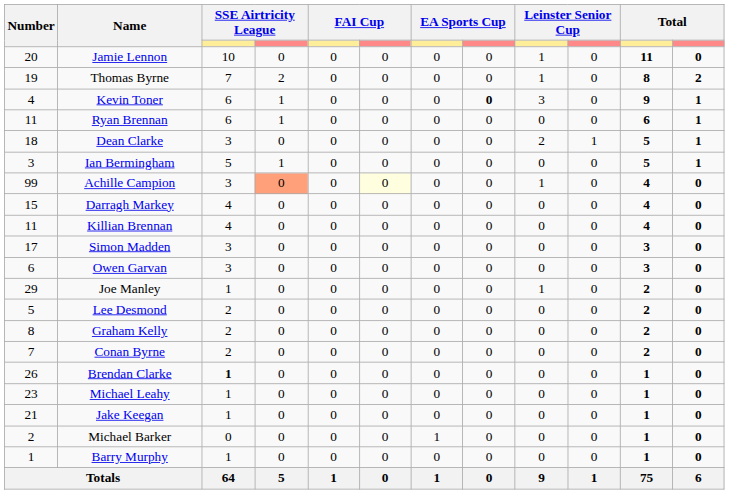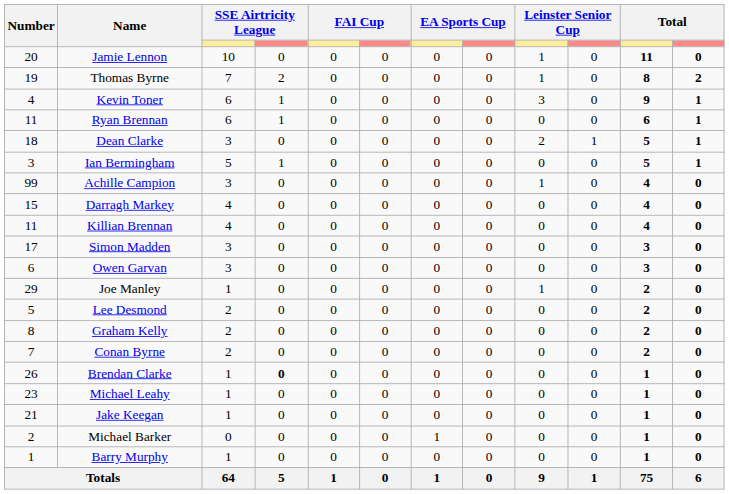 <table class="wikitable" style="text-align:center">
 <tr>
 <th rowspan="2" style="width:5%">Number</th>
 <th rowspan="2" style="width:20%">Name</th>
 <th colspan="2"><a href='#'>SSE Airtricity League</a></th>
 <th colspan="2"><a href='#'>FAI Cup</a></th>
 <th colspan="2"><a href='#'>EA Sports Cup</a></th>
 <th colspan="2"><a href='#'>Leinster Senior Cup</a></th>
 <th colspan="2">Total</th>
 </tr>
 <tr>
 <th style="width:60px;background:#fe9"></th>
 <th style="width:60px;background:#f88"></th>
 <th style="width:60px;background:#fe9"></th>
 <th style="width:60px;background:#f88"></th>
 <th style="width:60px;background:#fe9"></th>
 <th style="width:60px;background:#f88"></th>
 <th style="width:60px;background:#fe9"></th>
 <th style="width:60px;background:#f88"></th>
 <th style="width:60px;background:#fe9"></th>
 <th style="width:60px;background:#f88"></th>
 </tr>
 <tr>
 <td>20</td>
 <td><a href='#'>Jamie Lennon</a></td>
 <td>10</td>
 <td>0</td>
 <td>0</td>
 <td>0</td>
 <td>0</td>
 <td>0</td>
 <td>1</td>
 <td>0</td>
 <td><strong>11</strong></td>
 <td><strong>0</strong></td>
 </tr>
 <tr>
 <td>19</td>
 <td>Thomas Byrne</td>
 <td>7</td>
 <td>2</td>
 <td>0</td>
 <td>0</td>
 <td>0</td>
 <td>0</td>
 <td>1</td>
 <td>0</td>
 <td><strong>8</strong></td>
 <td><strong>2</strong></td>
 </tr>
 <tr>
 <td>4</td>
 <td><a href='#'>Kevin Toner</a></td>
 <td>6</td>
 <td>1</td>
 <td>0</td>
 <td>0</td>
 <td>0</td>
-<td><strong>0</strong></td>
+<td>0</td>
 <td>3</td>
 <td>0</td>
 <td><strong>9</strong></td>
 <td><strong>1</strong></td>
 </tr>
 <tr>
 <td>11</td>
 <td><a href='#'>Ryan Brennan</a></td>
 <td>6</td>
 <td>1</td>
 <td>0</td>
 <td>0</td>
 <td>0</td>
 <td>0</td>
 <td>0</td>
 <td>0</td>
 <td><strong>6</strong></td>
 <td><strong>1</strong></td>
 </tr>
 <tr>
 <td>18</td>
 <td><a href='#'>Dean Clarke</a></td>
 <td>3</td>
 <td>0</td>
 <td>0</td>
 <td>0</td>
 <td>0</td>
 <td>0</td>
 <td>2</td>
 <td>1</td>
 <td><strong>5</strong></td>
 <td><strong>1</strong></td>
 </tr>
 <tr>
 <td>3</td>
 <td><a href='#'>Ian Bermingham</a></td>
 <td>5</td>
 <td>1</td>
 <td>0</td>
 <td>0</td>
 <td>0</td>
 <td>0</td>
 <td>0</td>
 <td>0</td>
 <td><strong>5</strong></td>
 <td><strong>1</strong></td>
 </tr>
 <tr>
 <td>99</td>
 <td><a href='#'>Achille Campion</a></td>
 <td>3</td>
-<td style="background: lightsalmon;">0</td>
 <td>0</td>
-<td style="background: lightyellow;">0</td>
+<td>0</td>
+<td>0</td>
 <td>0</td>
 <td>0</td>
 <td>1</td>
 <td>0</td>
 <td><strong>4</strong></td>
 <td><strong>0</strong></td>
 </tr>
 <tr>
 <td>15</td>
 <td><a href='#'>Darragh Markey</a></td>
 <td>4</td>
 <td>0</td>
 <td>0</td>
 <td>0</td>
 <td>0</td>
 <td>0</td>
 <td>0</td>
 <td>0</td>
 <td><strong>4</strong></td>
 <td><strong>0</strong></td>
 </tr>
 <tr>
 <td>11</td>
 <td><a href='#'>Killian Brennan</a></td>
 <td>4</td>
 <td>0</td>
 <td>0</td>
 <td>0</td>
 <td>0</td>
 <td>0</td>
 <td>0</td>
 <td>0</td>
 <td><strong>4</strong></td>
 <td><strong>0</strong></td>
 </tr>
 <tr>
 <td>17</td>
 <td><a href='#'>Simon Madden</a></td>
 <td>3</td>
 <td>0</td>
 <td>0</td>
 <td>0</td>
 <td>0</td>
 <td>0</td>
 <td>0</td>
 <td>0</td>
 <td><strong>3</strong></td>
 <td><strong>0</strong></td>
 </tr>
 <tr>
 <td>6</td>
 <td><a href='#'>Owen Garvan</a></td>
 <td>3</td>
 <td>0</td>
 <td>0</td>
 <td>0</td>
 <td>0</td>
 <td>0</td>
 <td>0</td>
 <td>0</td>
 <td><strong>3</strong></td>
 <td><strong>0</strong></td>
 </tr>
 <tr>
 <td>29</td>
 <td>Joe Manley</td>
 <td>1</td>
 <td>0</td>
 <td>0</td>
 <td>0</td>
 <td>0</td>
 <td>0</td>
 <td>1</td>
 <td>0</td>
 <td><strong>2</strong></td>
 <td><strong>0</strong></td>
 </tr>
 <tr>
 <td>5</td>
 <td><a href='#'>Lee Desmond</a></td>
 <td>2</td>
 <td>0</td>
 <td>0</td>
 <td>0</td>
 <td>0</td>
 <td>0</td>
 <td>0</td>
 <td>0</td>
 <td><strong>2</strong></td>
 <td><strong>0</strong></td>
 </tr>
 <tr>
 <td>8</td>
 <td><a href='#'>Graham Kelly</a></td>
 <td>2</td>
 <td>0</td>
 <td>0</td>
 <td>0</td>
 <td>0</td>
 <td>0</td>
 <td>0</td>
 <td>0</td>
 <td><strong>2</strong></td>
 <td><strong>0</strong></td>
 </tr>
 <tr>
 <td>7</td>
 <td><a href='#'>Conan Byrne</a></td>
 <td>2</td>
 <td>0</td>
 <td>0</td>
 <td>0</td>
 <td>0</td>
 <td>0</td>
 <td>0</td>
 <td>0</td>
 <td><strong>2</strong></td>
 <td><strong>0</strong></td>
 </tr>
 <tr>
 <td>26</td>
 <td><a href='#'>Brendan Clarke</a></td>
-<td><strong>1</strong></td>
-<td>0</td>
+<td>1</td>
+<td><strong>0</strong></td>
 <td>0</td>
 <td>0</td>
 <td>0</td>
 <td>0</td>
 <td>0</td>
 <td>0</td>
 <td><strong>1</strong></td>
 <td><strong>0</strong></td>
 </tr>
 <tr>
 <td>23</td>
 <td><a href='#'>Michael Leahy</a></td>
 <td>1</td>
 <td>0</td>
 <td>0</td>
 <td>0</td>
 <td>0</td>
 <td>0</td>
 <td>0</td>
 <td>0</td>
 <td><strong>1</strong></td>
 <td><strong>0</strong></td>
 </tr>
 <tr>
 <td>21</td>
 <td><a href='#'>Jake Keegan</a></td>
 <td>1</td>
 <td>0</td>
 <td>0</td>
 <td>0</td>
 <td>0</td>
 <td>0</td>
 <td>0</td>
 <td>0</td>
 <td><strong>1</strong></td>
 <td><strong>0</strong></td>
 </tr>
 <tr>
 <td>2</td>
 <td>Michael Barker</td>
 <td>0</td>
 <td>0</td>
 <td>0</td>
 <td>0</td>
 <td>1</td>
 <td>0</td>
 <td>0</td>
 <td>0</td>
 <td><strong>1</strong></td>
 <td><strong>0</strong></td>
 </tr>
 <tr>
 <td>1</td>
 <td><a href='#'>Barry Murphy</a></td>
 <td>1</td>
 <td>0</td>
 <td>0</td>
 <td>0</td>
 <td>0</td>
 <td>0</td>
 <td>0</td>
 <td>0</td>
 <td><strong>1</strong></td>
 <td><strong>0</strong></td>
 </tr>
 <tr>
 <th colspan="2">Totals</th>
 <th>64</th>
 <th>5</th>
 <th>1</th>
 <th>0</th>
 <th>1</th>
 <th>0</th>
 <th>9</th>
 <th>1</th>
 <th>75</th>
 <th>6</th>
 </tr>
 </table>
